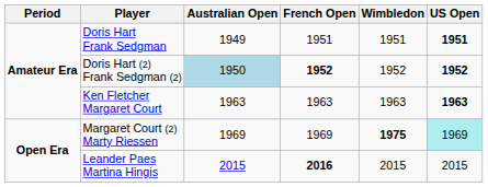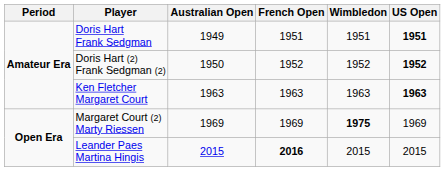 <table class="wikitable mw-datatable sortable" style="text-align:center;">
 <tr>
 <th>Period</th>
 <th>Player</th>
 <th>Australian Open</th>
 <th>French Open</th>
 <th>Wimbledon</th>
 <th>US Open</th>
 </tr>
 <tr>
 <td rowspan="3"><strong>Amateur Era</strong></td>
 <td style="text-align:left;"> <a href='#'>Doris Hart</a><br> <a href='#'>Frank Sedgman</a></td>
 <td>1949</td>
 <td>1951</td>
 <td>1951</td>
 <td><strong>1951</strong></td>
 </tr>
 <tr>
 <td style="text-align:left;"> Doris Hart <small>(2)</small><br> Frank Sedgman <small>(2)</small></td>
-<td style="background: lightblue;">1950</td>
-<td><strong>1952</strong></td>
+<td>1950</td>
+<td>1952</td>
 <td>1952</td>
 <td><strong>1952</strong></td>
 </tr>
 <tr>
 <td style="text-align:left;"> <a href='#'>Ken Fletcher</a><br> <a href='#'>Margaret Court</a></td>
 <td>1963</td>
 <td>1963</td>
 <td>1963</td>
 <td><strong>1963</strong></td>
 </tr>
 <tr>
 <td rowspan="2"><strong>Open Era</strong></td>
 <td style="text-align:left;"> Margaret Court <small>(2)</small><br> <a href='#'>Marty Riessen</a></td>
 <td>1969</td>
 <td>1969</td>
 <td><strong>1975</strong></td>
-<td style="background: paleturquoise;">1969</td>
+<td>1969</td>
 </tr>
 <tr>
 <td align="left"> <a href='#'>Leander Paes</a><br> <a href='#'>Martina Hingis</a></td>
 <td><a href='#'>2015</a></td>
 <td><strong>2016</strong></td>
 <td>2015</td>
 <td>2015</td>
 </tr>
 </table>
